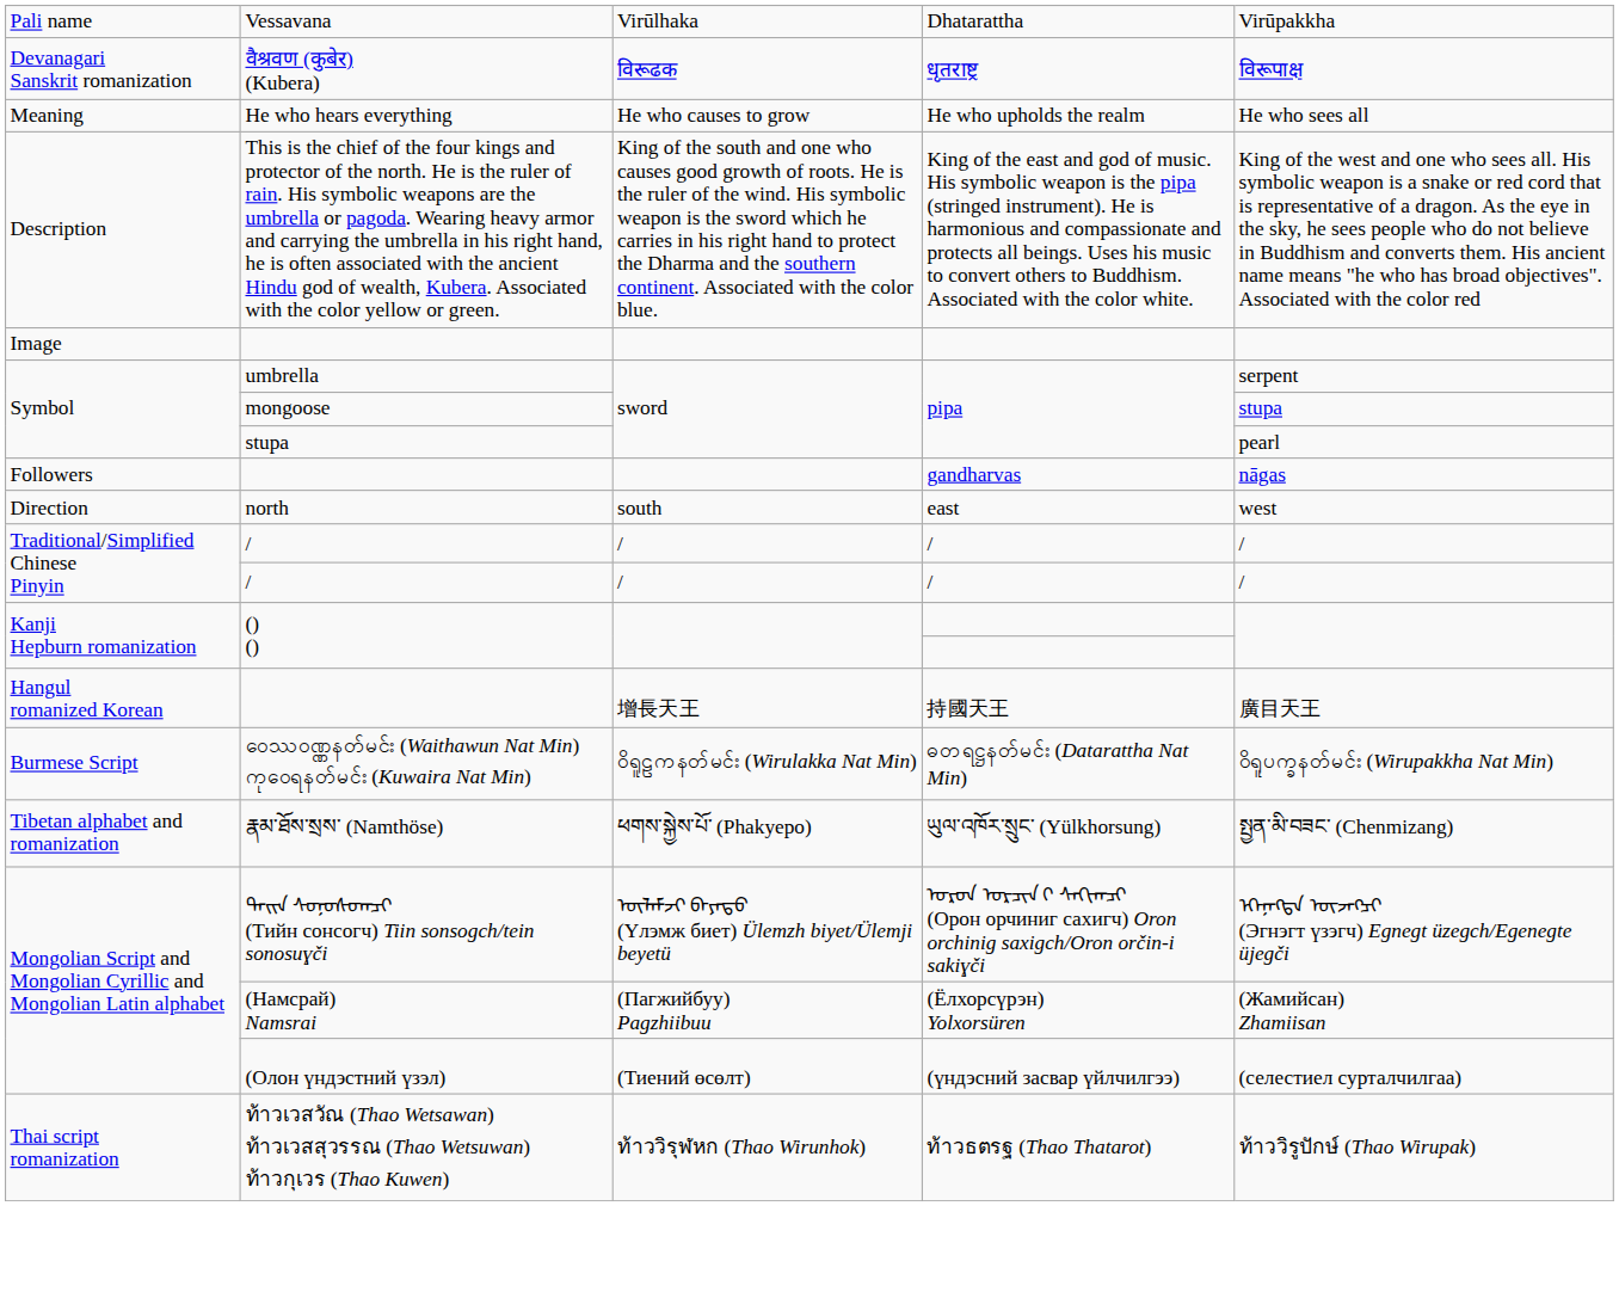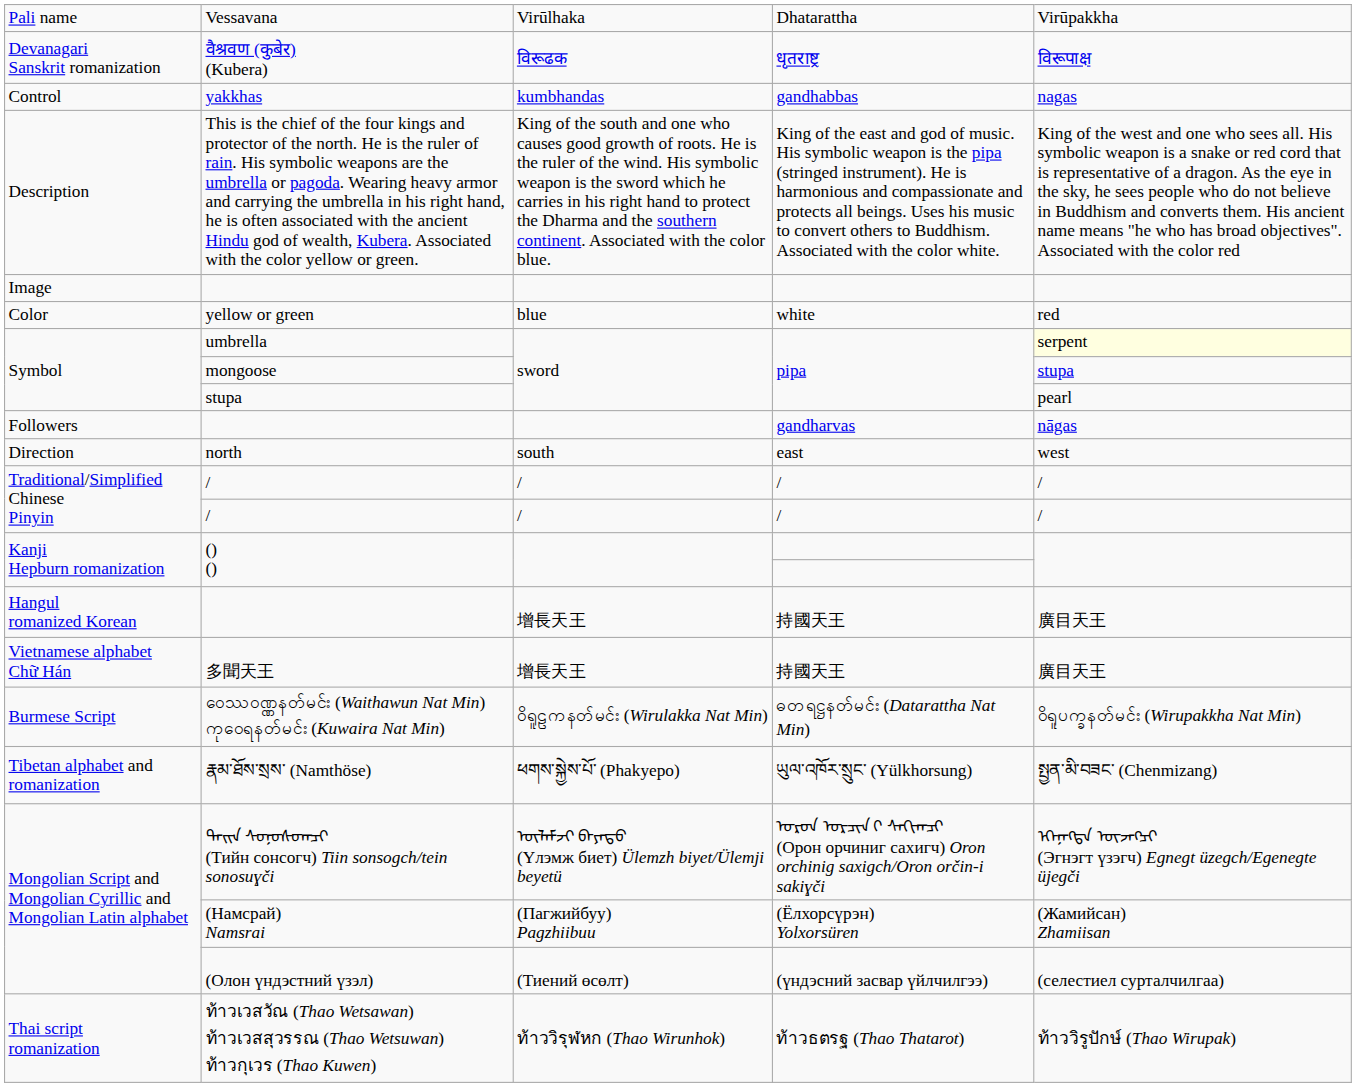 <table class="wikitable">
 <tr>
 <td><a href='#'>Pali</a> name</td>
 <td>Vessavana</td>
 <td>Virūlhaka</td>
 <td>Dhatarattha</td>
 <td>Virūpakkha</td>
 </tr>
 <tr>
 <td><a href='#'>Devanagari</a><br><a href='#'>Sanskrit</a> romanization</td>
 <td><a href='#'>वैश्रवण (कुबेर)<br></a> (Kubera)</td>
 <td><a href='#'>विरूढक<br></a></td>
 <td><a href='#'>धृतराष्ट्र<br></a></td>
 <td><a href='#'>विरूपाक्ष<br></a></td>
 </tr>
 <tr>
-<td>Meaning</td>
-<td>He who hears everything</td>
-<td>He who causes to grow</td>
-<td>He who upholds the realm</td>
-<td>He who sees all</td>
+<td>Control</td>
+<td><a href='#'>yakkhas</a></td>
+<td><a href='#'>kumbhandas</a></td>
+<td><a href='#'>gandhabbas</a></td>
+<td><a href='#'>nagas</a></td>
 </tr>
 <tr>
 <td>Description</td>
 <td>This is the chief of the four kings and protector of the north. He is the ruler of <a href='#'>rain</a>. His symbolic weapons are the <a href='#'>umbrella</a> or <a href='#'>pagoda</a>. Wearing heavy armor and carrying the umbrella in his right hand, he is often associated with the ancient <a href='#'>Hindu</a> god of wealth, <a href='#'>Kubera</a>. Associated with the color yellow or green.</td>
 <td>King of the south and one who causes good growth of roots. He is the ruler of the wind. His symbolic weapon is the sword which he carries in his right hand to protect the Dharma and the <a href='#'>southern continent</a>. Associated with the color blue.</td>
 <td>King of the east and god of music. His symbolic weapon is the <a href='#'>pipa</a> (stringed instrument). He is harmonious and compassionate and protects all beings. Uses his music to convert others to Buddhism. Associated with the color white.</td>
 <td>King of the west and one who sees all. His symbolic weapon is a snake or red cord that is representative of a dragon. As the eye in the sky, he sees people who do not believe in Buddhism and converts them. His ancient name means "he who has broad objectives". Associated with the color red</td>
 </tr>
 <tr>
 <td>Image</td>
 <td></td>
 <td></td>
 <td></td>
 <td></td>
 </tr>
 <tr>
+<td>Color</td>
+<td>yellow or green</td>
+<td>blue</td>
+<td>white</td>
+<td>red</td>
+</tr>
+<tr>
 <td rowspan="3">Symbol</td>
 <td>umbrella</td>
 <td rowspan="3">sword</td>
 <td rowspan="3"><a href='#'>pipa</a></td>
-<td>serpent</td>
+<td style="background: lightyellow;">serpent</td>
 </tr>
 <tr>
 <td>mongoose</td>
 <td><a href='#'>stupa</a></td>
 </tr>
 <tr>
 <td>stupa</td>
 <td>pearl</td>
 </tr>
 <tr>
 <td>Followers</td>
 <td><a href='#'></a></td>
 <td><a href='#'></a></td>
 <td><a href='#'>gandharvas</a></td>
 <td><a href='#'>nāgas</a></td>
 </tr>
 <tr>
 <td>Direction</td>
 <td>north</td>
 <td>south</td>
 <td>east</td>
 <td>west</td>
 </tr>
 <tr>
 <td rowspan=2><a href='#'>Traditional</a>/<a href='#'>Simplified</a> Chinese<br><a href='#'>Pinyin</a></td>
 <td> / <br></td>
 <td> / <br></td>
 <td> / <br></td>
 <td> / <br></td>
 </tr>
 <tr>
 <td> / </td>
 <td> / </td>
 <td> / </td>
 <td> / </td>
 </tr>
 <tr>
 <td rowspan=2><a href='#'>Kanji</a><br><a href='#'>Hepburn romanization</a></td>
 <td rowspan=2> ()<br> ()</td>
 <td rowspan=2><br></td>
 <td><br></td>
 <td rowspan=2><br></td>
 </tr>
 <tr>
 <td><br></td>
 </tr>
 <tr>
 <td><a href='#'>Hangul</a><br><a href='#'>romanized Korean</a></td>
 <td><br></td>
 <td><br>增長天王<br></td>
 <td><br>持國天王<br></td>
 <td><br>廣目天王<br></td>
 </tr>
 <tr>
+<td><a href='#'>Vietnamese alphabet</a><br><a href='#'>Chữ Hán</a></td>
+<td><br>多聞天王</td>
+<td><br>增長天王</td>
+<td><br>持國天王</td>
+<td><br>廣目天王</td>
+</tr>
+<tr>
 <td><a href='#'>Burmese Script</a></td>
 <td>ဝေဿဝဏ္ဏနတ်မင်း (<em>Waithawun Nat Min</em>)<br>ကုဝေရနတ်မင်း (<em>Kuwaira Nat Min</em>)</td>
 <td>ဝိရူဠကနတ်မင်း (<em>Wirulakka Nat Min</em>)</td>
 <td>ဓတရဋ္ဌနတ်မင်း (<em>Datarattha Nat Min</em>)</td>
 <td>ဝိရူပက္ခနတ်မင်း (<em>Wirupakkha Nat Min</em>)</td>
 </tr>
 <tr>
 <td><a href='#'>Tibetan alphabet</a> and <a href='#'>romanization</a></td>
 <td>རྣམ་ཐོས་སྲས་ (Namthöse)</td>
 <td>ཕགས་སྐྱེས་པོ་ (Phakyepo)</td>
 <td>ཡུལ་འཁོར་སྲུང་ (Yülkhorsung)</td>
 <td>སྤྱན་མི་བཟང་ (Chenmizang)</td>
 </tr>
 <tr>
 <td rowspan="3"><a href='#'>Mongolian Script</a> and <a href='#'>Mongolian Cyrillic</a> and <a href='#'>Mongolian Latin alphabet</a></td>
 <td>ᠲᠡᠢᠨ ᠰᠣᠨᠣᠰᠤᠭᠴᠢ<br>(Тийн сонсогч) <em>Tiin sonsogch/tein sonosuɣči</em></td>
 <td>ᠦᠯᠡᠮᠵᠢ ᠪᠡᠶᠡᠲᠦ<br>(Үлэмж биет) <em>Ülemzh biyet/Ülemji beyetü</em></td>
 <td>ᠣᠷᠣᠨ ᠣᠷᠴᠢᠨ ‍ᠢ ᠰᠠᠬᠢᠭᠴᠢ<br>(Орон орчиниг сахигч) <em>Oron orchinig saxigch/Oron orčin-i sakiɣči</em></td>
 <td>ᠡᠭᠡᠨᠡᠭᠲᠡ ᠦᠵᠡᠭᠴᠢ<br>(Эгнэгт үзэгч) <em>Egnegt üzegch/Egenegte üjegči</em></td>
 </tr>
 <tr>
 <td>(Намсрай)<br><em>Namsrai</em></td>
 <td>(Пагжийбуу)<br><em>Pagzhiibuu</em></td>
 <td>(Ёлхорсүрэн)<br><em>Yolxorsüren</em></td>
 <td>(Жамийсан)<br><em>Zhamiisan</em></td>
 </tr>
 <tr>
 <td><br>(Олон үндэстний үзэл)<br></td>
 <td><br>(Тиений өсөлт)<br></td>
 <td><br>(үндэсний засвар үйлчилгээ)<br></td>
 <td><br>(селестиел сурталчилгаа)<br></td>
 </tr>
 <tr>
 <td><a href='#'>Thai script</a><br><a href='#'>romanization</a></td>
 <td>ท้าวเวสวัณ (<em>Thao Wetsawan</em>)<br>ท้าวเวสสุวรรณ (<em>Thao Wetsuwan</em>)<br>ท้าวกุเวร (<em>Thao Kuwen</em>)</td>
 <td>ท้าววิรุฬหก (<em>Thao Wirunhok</em>)</td>
 <td>ท้าวธตรฐ (<em>Thao Thatarot</em>)</td>
 <td>ท้าววิรูปักษ์ (<em>Thao Wirupak</em>)</td>
 </tr>
 </table>
